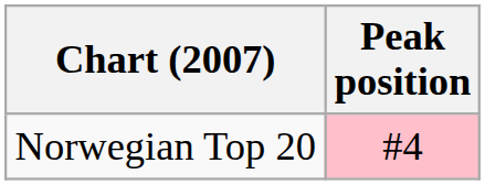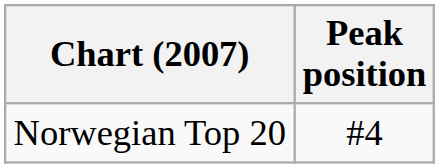 <table class="wikitable">
 <tr>
 <th>Chart (2007)</th>
 <th>Peak<br>position</th>
 </tr>
 <tr>
 <td>Norwegian Top 20</td>
-<td align="center" style="background: pink;">#4</td>
+<td align="center">#4</td>
 </tr>
 </table>
